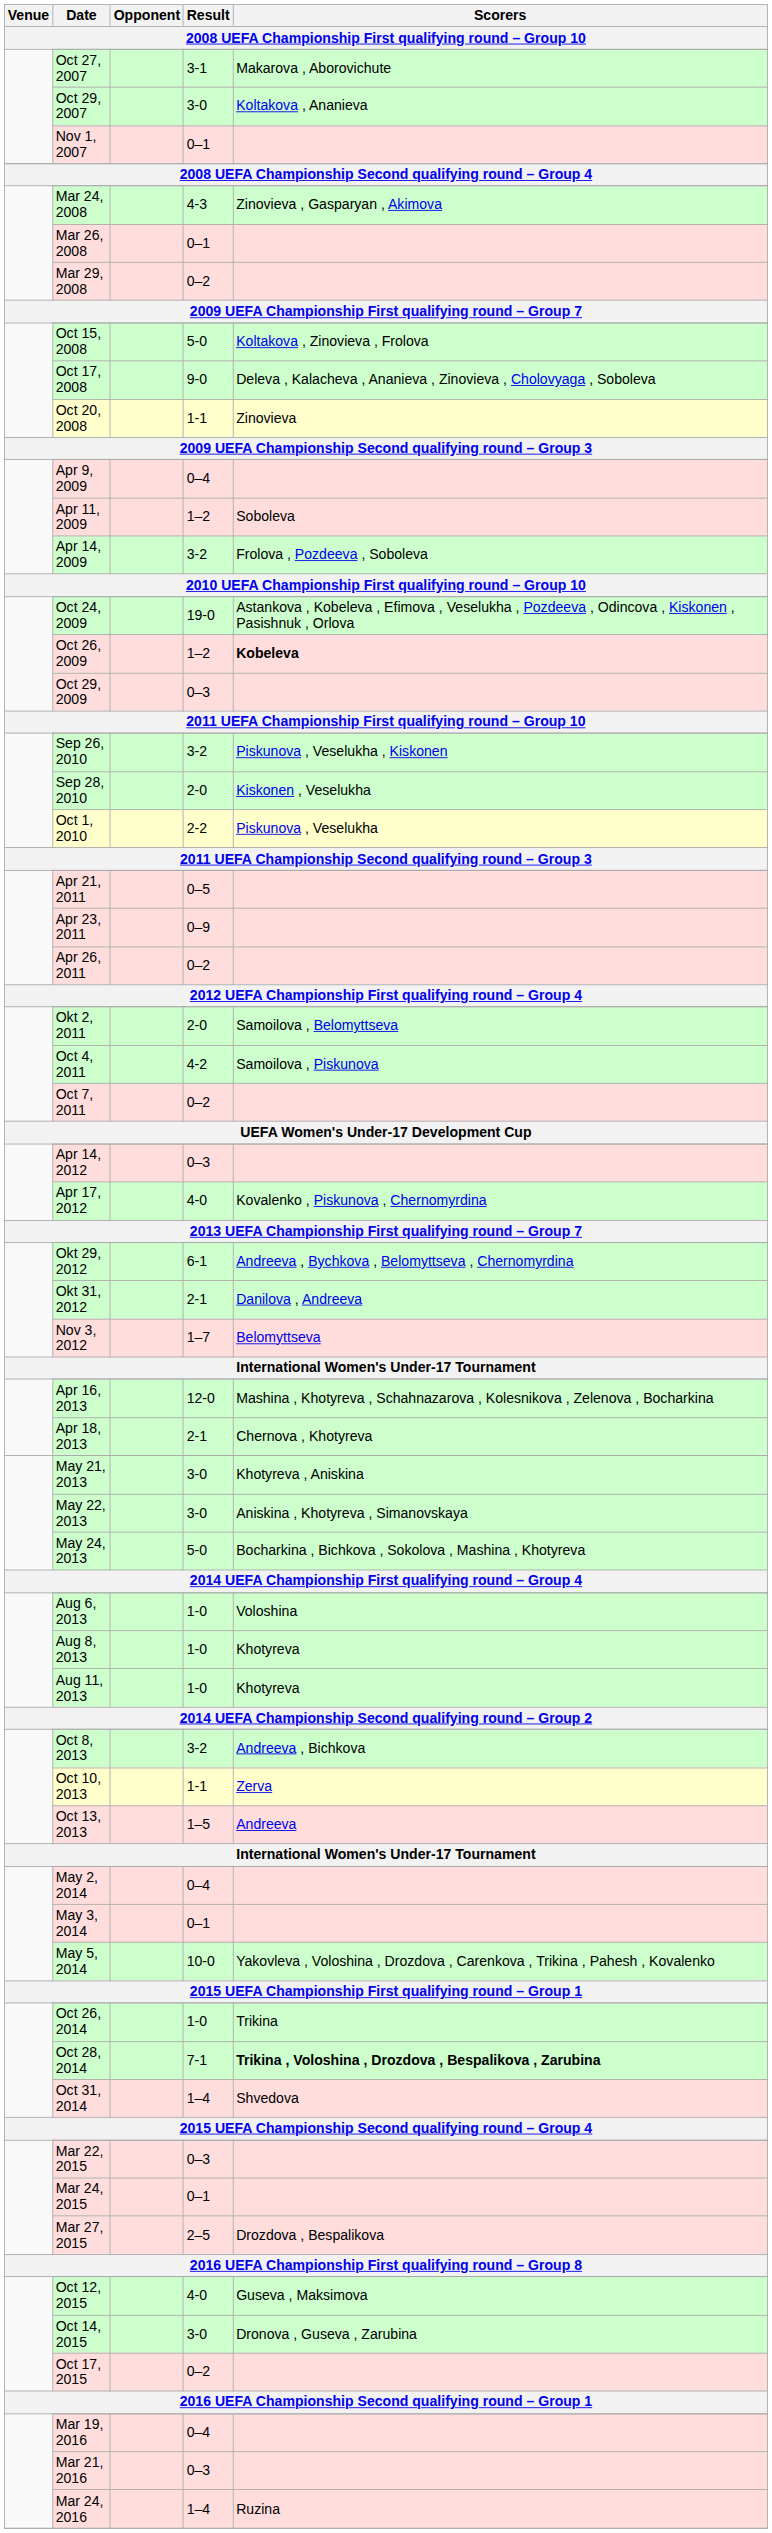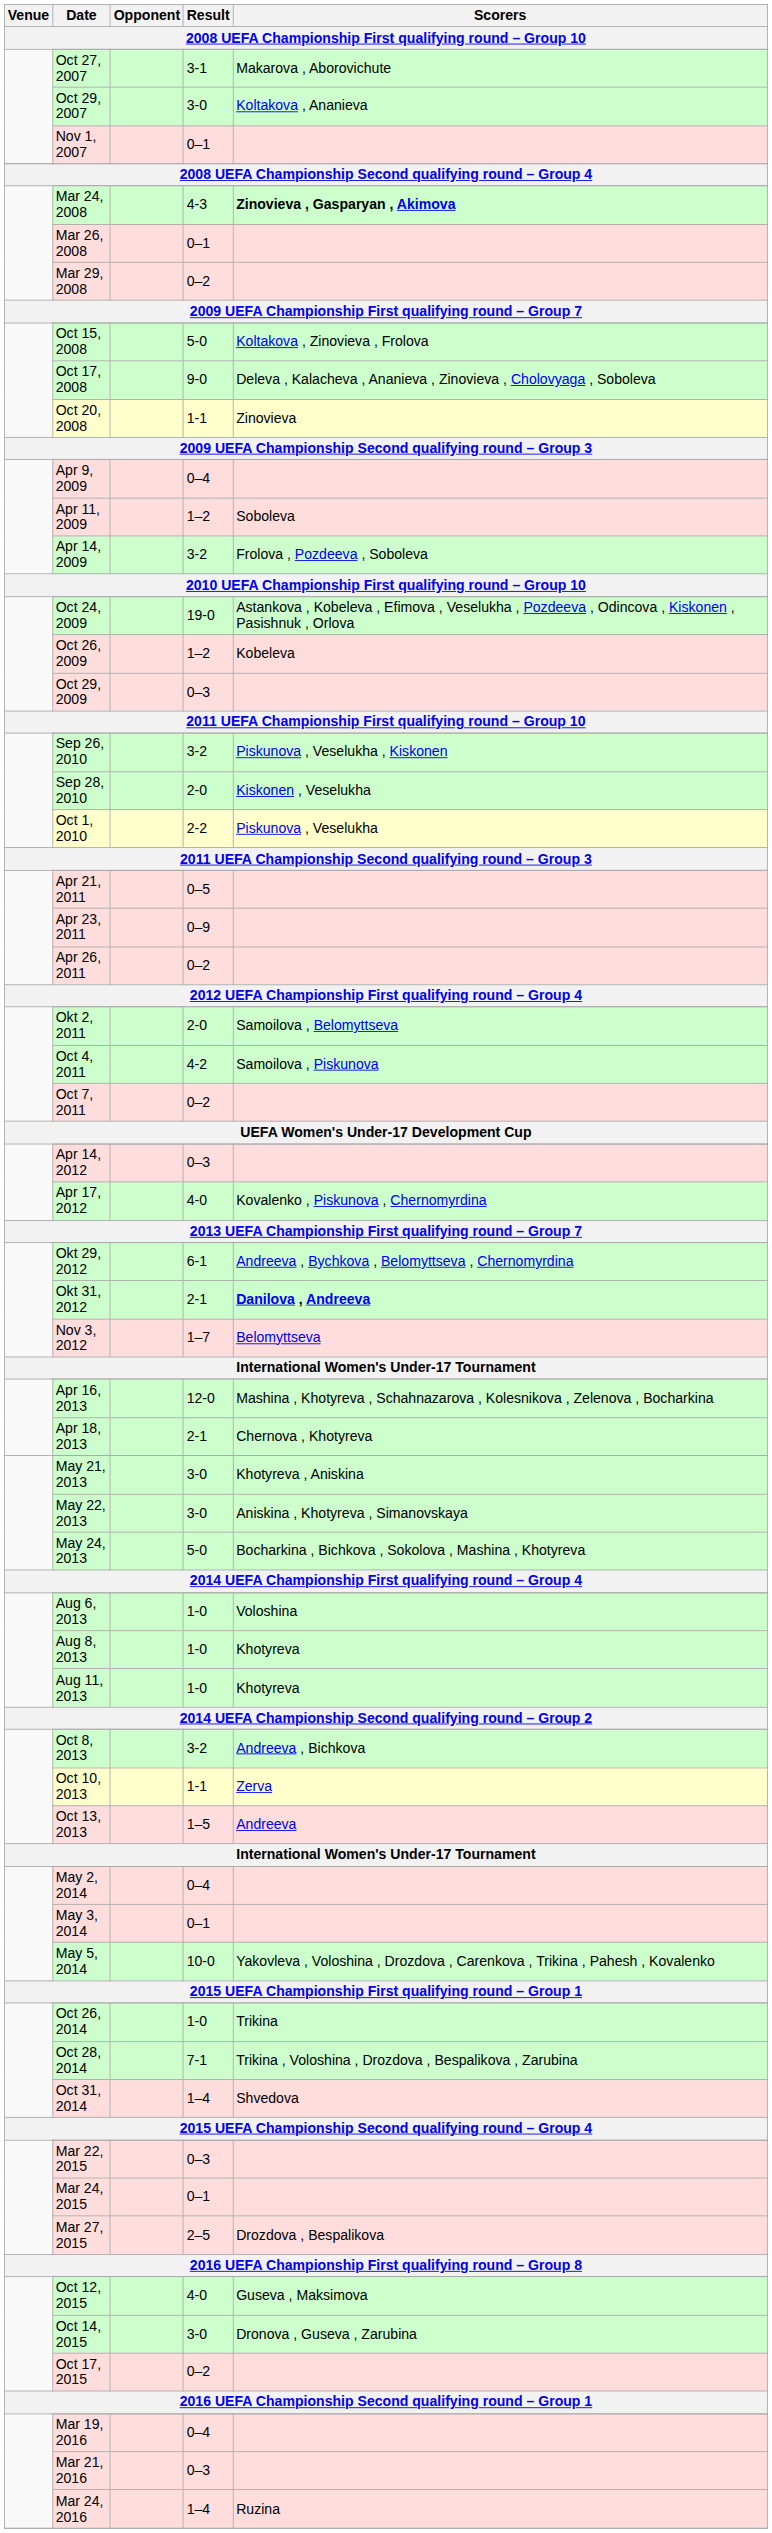 <table class="wikitable">
 <tr>
 <th>Venue</th>
 <th>Date</th>
 <th>Opponent</th>
 <th>Result</th>
 <th width=600>Scorers</th>
 </tr>
 <tr>
 <th colspan=5 align=center><a href='#'>2008 UEFA Championship First qualifying round – Group 10</a></th>
 </tr>
 <tr>
 <td rowspan=4></td>
 </tr>
 <tr style="background:#cfc;">
 <td>Oct 27, 2007</td>
 <td></td>
 <td>3-1</td>
 <td>Makarova , Aborovichute </td>
 </tr>
 <tr style="background:#cfc;">
 <td>Oct 29, 2007</td>
 <td></td>
 <td>3-0</td>
 <td><a href='#'>Koltakova</a> , Ananieva </td>
 </tr>
 <tr style="background:#fdd;">
 <td>Nov 1, 2007</td>
 <td></td>
 <td>0–1</td>
 <td></td>
 </tr>
 <tr>
 </tr>
 <tr>
 <th colspan=5 align=center><a href='#'>2008 UEFA Championship Second qualifying round – Group 4</a></th>
 </tr>
 <tr>
 <td rowspan=4></td>
 </tr>
 <tr style="background:#cfc;">
 <td>Mar 24, 2008</td>
 <td></td>
 <td>4-3</td>
-<td>Zinovieva , Gasparyan , <a href='#'>Akimova</a> </td>
+<td><strong>Zinovieva , Gasparyan , <a href='#'>Akimova</a> </strong></td>
 </tr>
 <tr style="background:#fdd;">
 <td>Mar 26, 2008</td>
 <td></td>
 <td>0–1</td>
 <td></td>
 </tr>
 <tr style="background:#fdd;">
 <td>Mar 29, 2008</td>
 <td></td>
 <td>0–2</td>
 <td></td>
 </tr>
 <tr>
 <th colspan=5 align=center><a href='#'>2009 UEFA Championship First qualifying round – Group 7</a></th>
 </tr>
 <tr>
 <td rowspan=4></td>
 </tr>
 <tr style="background:#cfc;">
 <td>Oct 15, 2008</td>
 <td></td>
 <td>5-0</td>
 <td><a href='#'>Koltakova</a> , Zinovieva , Frolova </td>
 </tr>
 <tr style="background:#cfc;">
 <td>Oct 17, 2008</td>
 <td></td>
 <td>9-0</td>
 <td>Deleva , Kalacheva , Ananieva , Zinovieva , <a href='#'>Cholovyaga</a> , Soboleva </td>
 </tr>
 <tr style="background:#ffc;">
 <td>Oct 20, 2008</td>
 <td></td>
 <td>1-1</td>
 <td>Zinovieva </td>
 </tr>
 <tr>
 <th colspan=5 align=center><a href='#'>2009 UEFA Championship Second qualifying round – Group 3</a></th>
 </tr>
 <tr>
 <td rowspan=4></td>
 </tr>
 <tr style="background:#fdd;">
 <td>Apr 9, 2009</td>
 <td></td>
 <td>0–4</td>
 <td></td>
 </tr>
 <tr style="background:#fdd;">
 <td>Apr 11, 2009</td>
 <td></td>
 <td>1–2</td>
 <td>Soboleva </td>
 </tr>
 <tr style="background:#cfc;">
 <td>Apr 14, 2009</td>
 <td></td>
 <td>3-2</td>
 <td>Frolova , <a href='#'>Pozdeeva</a> , Soboleva </td>
 </tr>
 <tr>
 <th colspan=5 align=center><a href='#'>2010 UEFA Championship First qualifying round – Group 10</a></th>
 </tr>
 <tr>
 <td rowspan=4></td>
 </tr>
 <tr style="background:#cfc;">
 <td>Oct 24, 2009</td>
 <td></td>
 <td>19-0</td>
 <td>Astankova , Kobeleva , Efimova , Veselukha , <a href='#'>Pozdeeva</a> , Odincova , <a href='#'>Kiskonen</a> , Pasishnuk , Orlova </td>
 </tr>
 <tr style="background:#fdd;">
 <td>Oct 26, 2009</td>
 <td></td>
 <td>1–2</td>
-<td><strong>Kobeleva </strong></td>
+<td>Kobeleva </td>
 </tr>
 <tr style="background:#fdd;">
 <td>Oct 29, 2009</td>
 <td></td>
 <td>0–3</td>
 <td></td>
 </tr>
 <tr>
 <th colspan=5 align=center><a href='#'>2011 UEFA Championship First qualifying round – Group 10</a></th>
 </tr>
 <tr>
 <td rowspan=4></td>
 </tr>
 <tr style="background:#cfc;">
 <td>Sep 26, 2010</td>
 <td></td>
 <td>3-2</td>
 <td><a href='#'>Piskunova</a> , Veselukha , <a href='#'>Kiskonen</a> </td>
 </tr>
 <tr style="background:#cfc;">
 <td>Sep 28, 2010</td>
 <td></td>
 <td>2-0</td>
 <td><a href='#'>Kiskonen</a> , Veselukha </td>
 </tr>
 <tr style="background:#ffc;">
 <td>Oct 1, 2010</td>
 <td></td>
 <td>2-2</td>
 <td><a href='#'>Piskunova</a> , Veselukha </td>
 </tr>
 <tr>
 <th colspan=5 align=center><a href='#'>2011 UEFA Championship Second qualifying round – Group 3</a></th>
 </tr>
 <tr>
 <td rowspan=4></td>
 </tr>
 <tr style="background:#fdd;">
 <td>Apr 21, 2011</td>
 <td></td>
 <td>0–5</td>
 <td></td>
 </tr>
 <tr style="background:#fdd;">
 <td>Apr 23, 2011</td>
 <td></td>
 <td>0–9</td>
 <td></td>
 </tr>
 <tr style="background:#fdd;">
 <td>Apr 26, 2011</td>
 <td></td>
 <td>0–2</td>
 <td></td>
 </tr>
 <tr>
 <th colspan=5 align=center><a href='#'>2012 UEFA Championship First qualifying round – Group 4</a></th>
 </tr>
 <tr>
 <td rowspan=4></td>
 </tr>
 <tr style="background:#cfc;">
 <td>Okt 2, 2011</td>
 <td></td>
 <td>2-0</td>
 <td>Samoilova , <a href='#'>Belomyttseva</a> </td>
 </tr>
 <tr style="background:#cfc;">
 <td>Oct 4, 2011</td>
 <td></td>
 <td>4-2</td>
 <td>Samoilova , <a href='#'>Piskunova</a> </td>
 </tr>
 <tr style="background:#fdd;">
 <td>Oct 7, 2011</td>
 <td></td>
 <td>0–2</td>
 <td></td>
 </tr>
 <tr>
 <th colspan=5 align=center>UEFA Women's Under-17 Development Cup</th>
 </tr>
 <tr>
 <td rowspan=3></td>
 </tr>
 <tr style="background:#fdd;">
 <td>Apr 14, 2012</td>
 <td></td>
 <td>0–3</td>
 <td></td>
 </tr>
 <tr style="background:#cfc;">
 <td>Apr 17, 2012</td>
 <td></td>
 <td>4-0</td>
 <td>Kovalenko , <a href='#'>Piskunova</a> , <a href='#'>Chernomyrdina</a> </td>
 </tr>
 <tr>
 <th colspan=5 align=center><a href='#'>2013 UEFA Championship First qualifying round – Group 7</a></th>
 </tr>
 <tr>
 <td rowspan=4></td>
 </tr>
 <tr style="background:#cfc;">
 <td>Okt 29, 2012</td>
 <td></td>
 <td>6-1</td>
 <td><a href='#'>Andreeva</a> , <a href='#'>Bychkova</a> , <a href='#'>Belomyttseva</a> , <a href='#'>Chernomyrdina</a> </td>
 </tr>
 <tr style="background:#cfc;">
 <td>Okt 31, 2012</td>
 <td></td>
 <td>2-1</td>
-<td><a href='#'>Danilova</a> , <a href='#'>Andreeva</a> </td>
+<td><strong><a href='#'>Danilova</a> , <a href='#'>Andreeva</a> </strong></td>
 </tr>
 <tr style="background:#fdd;">
 <td>Nov 3, 2012</td>
 <td></td>
 <td>1–7</td>
 <td><a href='#'>Belomyttseva</a> </td>
 </tr>
 <tr>
 <th colspan=5 align=center>International Women's Under-17 Tournament</th>
 </tr>
 <tr>
 <td rowspan=3></td>
 </tr>
 <tr style="background:#cfc;">
 <td>Apr 16, 2013</td>
 <td></td>
 <td>12-0</td>
 <td>Mashina , Khotyreva , Schahnazarova , Kolesnikova , Zelenova , Bocharkina </td>
 </tr>
 <tr style="background:#cfc;">
 <td>Apr 18, 2013</td>
 <td></td>
 <td>2-1</td>
 <td>Chernova , Khotyreva </td>
 </tr>
 <tr>
 <td rowspan=4></td>
 </tr>
 <tr style="background:#cfc;">
 <td>May 21, 2013</td>
 <td></td>
 <td>3-0</td>
 <td>Khotyreva , Aniskina </td>
 </tr>
 <tr style="background:#cfc;">
 <td>May 22, 2013</td>
 <td></td>
 <td>3-0</td>
 <td>Aniskina , Khotyreva , Simanovskaya </td>
 </tr>
 <tr style="background:#cfc;">
 <td>May 24, 2013</td>
 <td></td>
 <td>5-0</td>
 <td>Bocharkina , Bichkova , Sokolova , Mashina , Khotyreva </td>
 </tr>
 <tr>
 <th colspan=5 align=center><a href='#'>2014 UEFA Championship First qualifying round – Group 4</a></th>
 </tr>
 <tr>
 <td rowspan=4></td>
 </tr>
 <tr style="background:#cfc;">
 <td>Aug 6, 2013</td>
 <td></td>
 <td>1-0</td>
 <td>Voloshina </td>
 </tr>
 <tr style="background:#cfc;">
 <td>Aug 8, 2013</td>
 <td></td>
 <td>1-0</td>
 <td>Khotyreva </td>
 </tr>
 <tr style="background:#cfc;">
 <td>Aug 11, 2013</td>
 <td></td>
 <td>1-0</td>
 <td>Khotyreva </td>
 </tr>
 <tr>
 <th colspan=5 align=center><a href='#'>2014 UEFA Championship Second qualifying round – Group 2</a></th>
 </tr>
 <tr>
 <td rowspan=4></td>
 </tr>
 <tr style="background:#cfc;">
 <td>Oct 8, 2013</td>
 <td></td>
 <td>3-2</td>
 <td><a href='#'>Andreeva</a> , Bichkova </td>
 </tr>
 <tr style="background:#ffc;">
 <td>Oct 10, 2013</td>
 <td></td>
 <td>1-1</td>
 <td><a href='#'>Zerva</a> </td>
 </tr>
 <tr style="background:#fdd;">
 <td>Oct 13, 2013</td>
 <td></td>
 <td>1–5</td>
 <td><a href='#'>Andreeva</a> </td>
 </tr>
 <tr>
 <th colspan=5 align=center>International Women's Under-17 Tournament</th>
 </tr>
 <tr>
 <td rowspan=4></td>
 </tr>
 <tr style="background:#fdd;">
 <td>May 2, 2014</td>
 <td></td>
 <td>0–4</td>
 <td></td>
 </tr>
 <tr style="background:#fdd;">
 <td>May 3, 2014</td>
 <td></td>
 <td>0–1</td>
 <td></td>
 </tr>
 <tr style="background:#cfc;">
 <td>May 5, 2014</td>
 <td></td>
 <td>10-0</td>
 <td>Yakovleva , Voloshina , Drozdova , Carenkova , Trikina , Pahesh , Kovalenko </td>
 </tr>
 <tr>
 <th colspan=5 align=center><a href='#'>2015 UEFA Championship First qualifying round – Group 1</a></th>
 </tr>
 <tr>
 <td rowspan=4></td>
 </tr>
 <tr style="background:#cfc;">
 <td>Oct 26, 2014</td>
 <td></td>
 <td>1-0</td>
 <td>Trikina </td>
 </tr>
 <tr style="background:#cfc;">
 <td>Oct 28, 2014</td>
 <td></td>
 <td>7-1</td>
-<td><strong>Trikina , Voloshina , Drozdova , Bespalikova , Zarubina </strong></td>
+<td>Trikina , Voloshina , Drozdova , Bespalikova , Zarubina </td>
 </tr>
 <tr style="background:#fdd;">
 <td>Oct 31, 2014</td>
 <td></td>
 <td>1–4</td>
 <td>Shvedova </td>
 </tr>
 <tr>
 <th colspan=5 align=center><a href='#'>2015 UEFA Championship Second qualifying round – Group 4</a></th>
 </tr>
 <tr>
 <td rowspan=4></td>
 </tr>
 <tr style="background:#fdd;">
 <td>Mar 22, 2015</td>
 <td></td>
 <td>0–3</td>
 <td></td>
 </tr>
 <tr style="background:#fdd;">
 <td>Mar 24, 2015</td>
 <td></td>
 <td>0–1</td>
 <td></td>
 </tr>
 <tr style="background:#fdd;">
 <td>Mar 27, 2015</td>
 <td></td>
 <td>2–5</td>
 <td>Drozdova , Bespalikova </td>
 </tr>
 <tr>
 <th colspan=5 align=center><a href='#'>2016 UEFA Championship First qualifying round – Group 8</a></th>
 </tr>
 <tr>
 <td rowspan=4></td>
 </tr>
 <tr style="background:#cfc;">
 <td>Oct 12, 2015</td>
 <td></td>
 <td>4-0</td>
 <td>Guseva , Maksimova </td>
 </tr>
 <tr style="background:#cfc;">
 <td>Oct 14, 2015</td>
 <td></td>
 <td>3-0</td>
 <td>Dronova , Guseva , Zarubina </td>
 </tr>
 <tr style="background:#fdd;">
 <td>Oct 17, 2015</td>
 <td></td>
 <td>0–2</td>
 <td></td>
 </tr>
 <tr>
 <th colspan=5 align=center><a href='#'>2016 UEFA Championship Second qualifying round – Group 1</a></th>
 </tr>
 <tr>
 <td rowspan=4></td>
 </tr>
 <tr style="background:#fdd;">
 <td>Mar 19, 2016</td>
 <td></td>
 <td>0–4</td>
 <td></td>
 </tr>
 <tr style="background:#fdd;">
 <td>Mar 21, 2016</td>
 <td></td>
 <td>0–3</td>
 <td></td>
 </tr>
 <tr style="background:#fdd;">
 <td>Mar 24, 2016</td>
 <td></td>
 <td>1–4</td>
 <td>Ruzina </td>
 </tr>
 <tr>
 </tr>
 </table>
